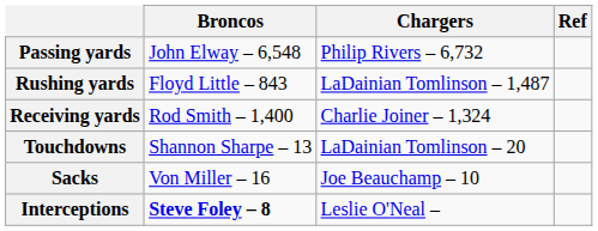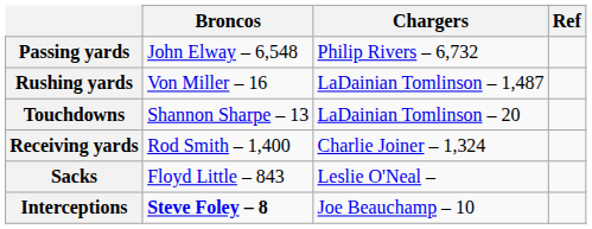 <table class="wikitable" style="font-size: 95%; border: none;">
 <tr>
 <th style="border: none;"></th>
 <th scope="col">Broncos</th>
 <th scope="col">Chargers</th>
 <th>Ref</th>
 </tr>
 <tr>
 <th scope="row">Passing yards</th>
 <td><a href='#'>John Elway</a> – 6,548</td>
 <td><a href='#'>Philip Rivers</a> – 6,732</td>
 <td></td>
 </tr>
 <tr>
 <th scope="row">Rushing yards</th>
-<td><a href='#'>Floyd Little</a> – 843</td>
+<td><a href='#'>Von Miller</a> – 16</td>
 <td><a href='#'>LaDainian Tomlinson</a> – 1,487</td>
+<td></td>
+</tr>
+<tr>
+<th scope="row">Touchdowns</th>
+<td><a href='#'>Shannon Sharpe</a> – 13</td>
+<td><a href='#'>LaDainian Tomlinson</a> – 20</td>
 <td></td>
 </tr>
 <tr>
 <th scope="row">Receiving yards</th>
 <td><a href='#'>Rod Smith</a> – 1,400</td>
 <td><a href='#'>Charlie Joiner</a> – 1,324</td>
 <td></td>
 </tr>
 <tr>
-<th scope="row">Touchdowns</th>
-<td><a href='#'>Shannon Sharpe</a> – 13</td>
-<td><a href='#'>LaDainian Tomlinson</a> – 20</td>
-<td></td>
-</tr>
-<tr>
 <th scope="row">Sacks</th>
-<td><a href='#'>Von Miller</a> – 16</td>
-<td><a href='#'>Joe Beauchamp</a> – 10</td>
+<td><a href='#'>Floyd Little</a> – 843</td>
+<td><a href='#'>Leslie O'Neal</a> – </td>
 <td></td>
 </tr>
 <tr>
 <th scope="row">Interceptions</th>
 <td><strong><a href='#'>Steve Foley</a> – 8</strong></td>
-<td><a href='#'>Leslie O'Neal</a> – </td>
+<td><a href='#'>Joe Beauchamp</a> – 10</td>
 <td></td>
 </tr>
 </table>
